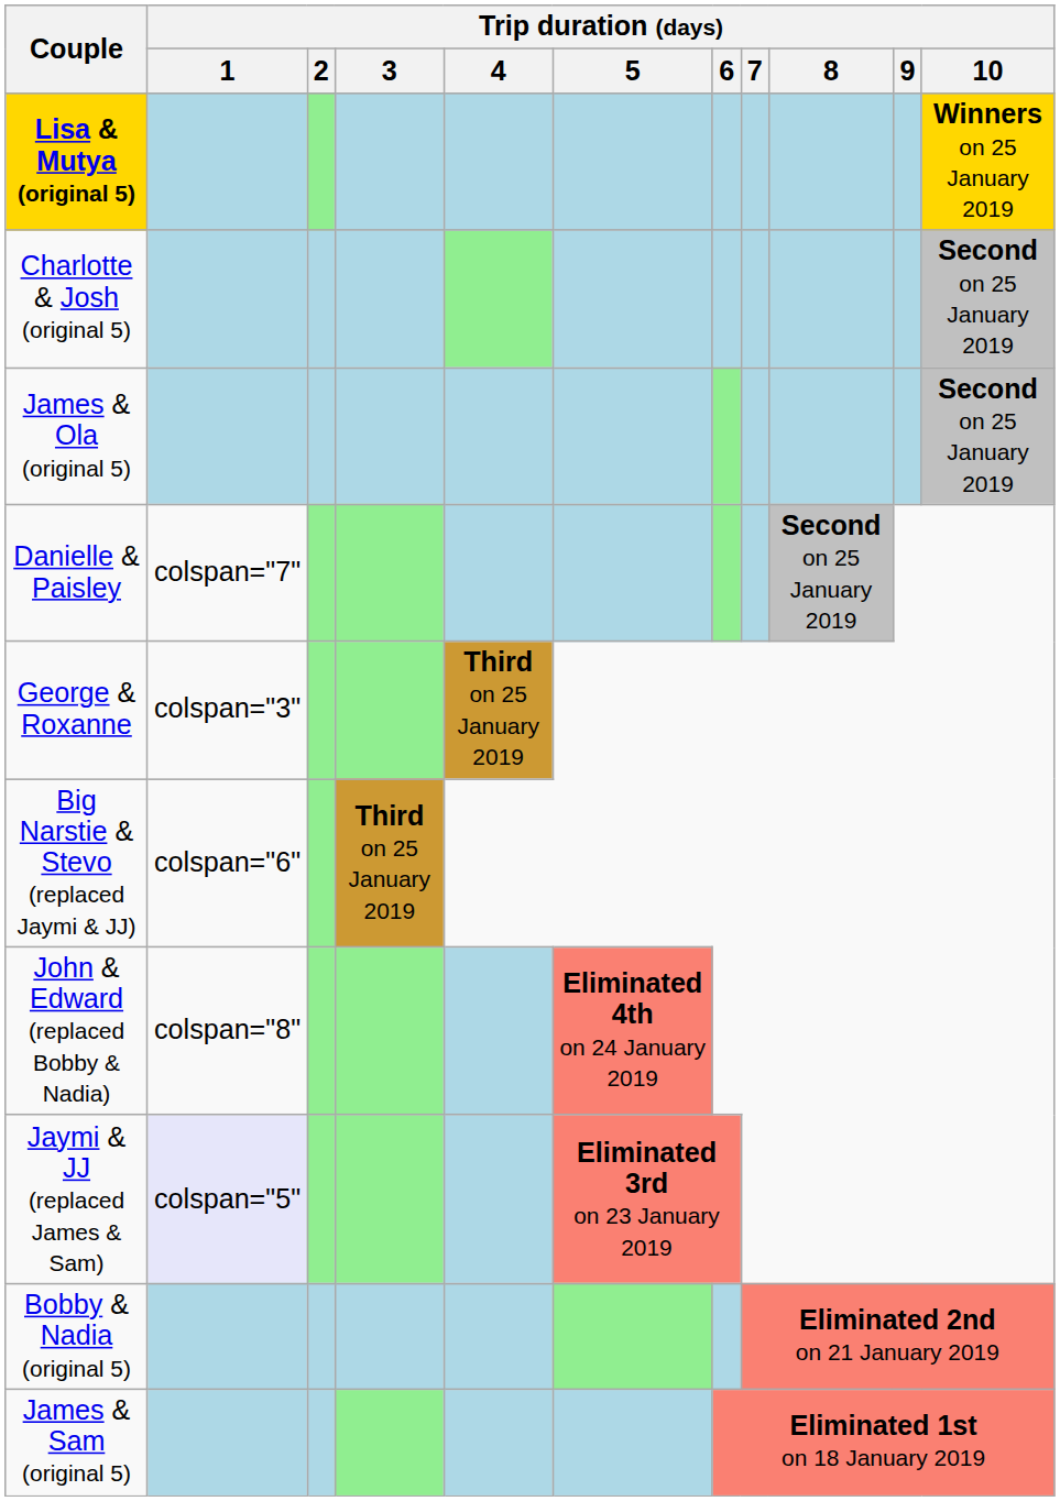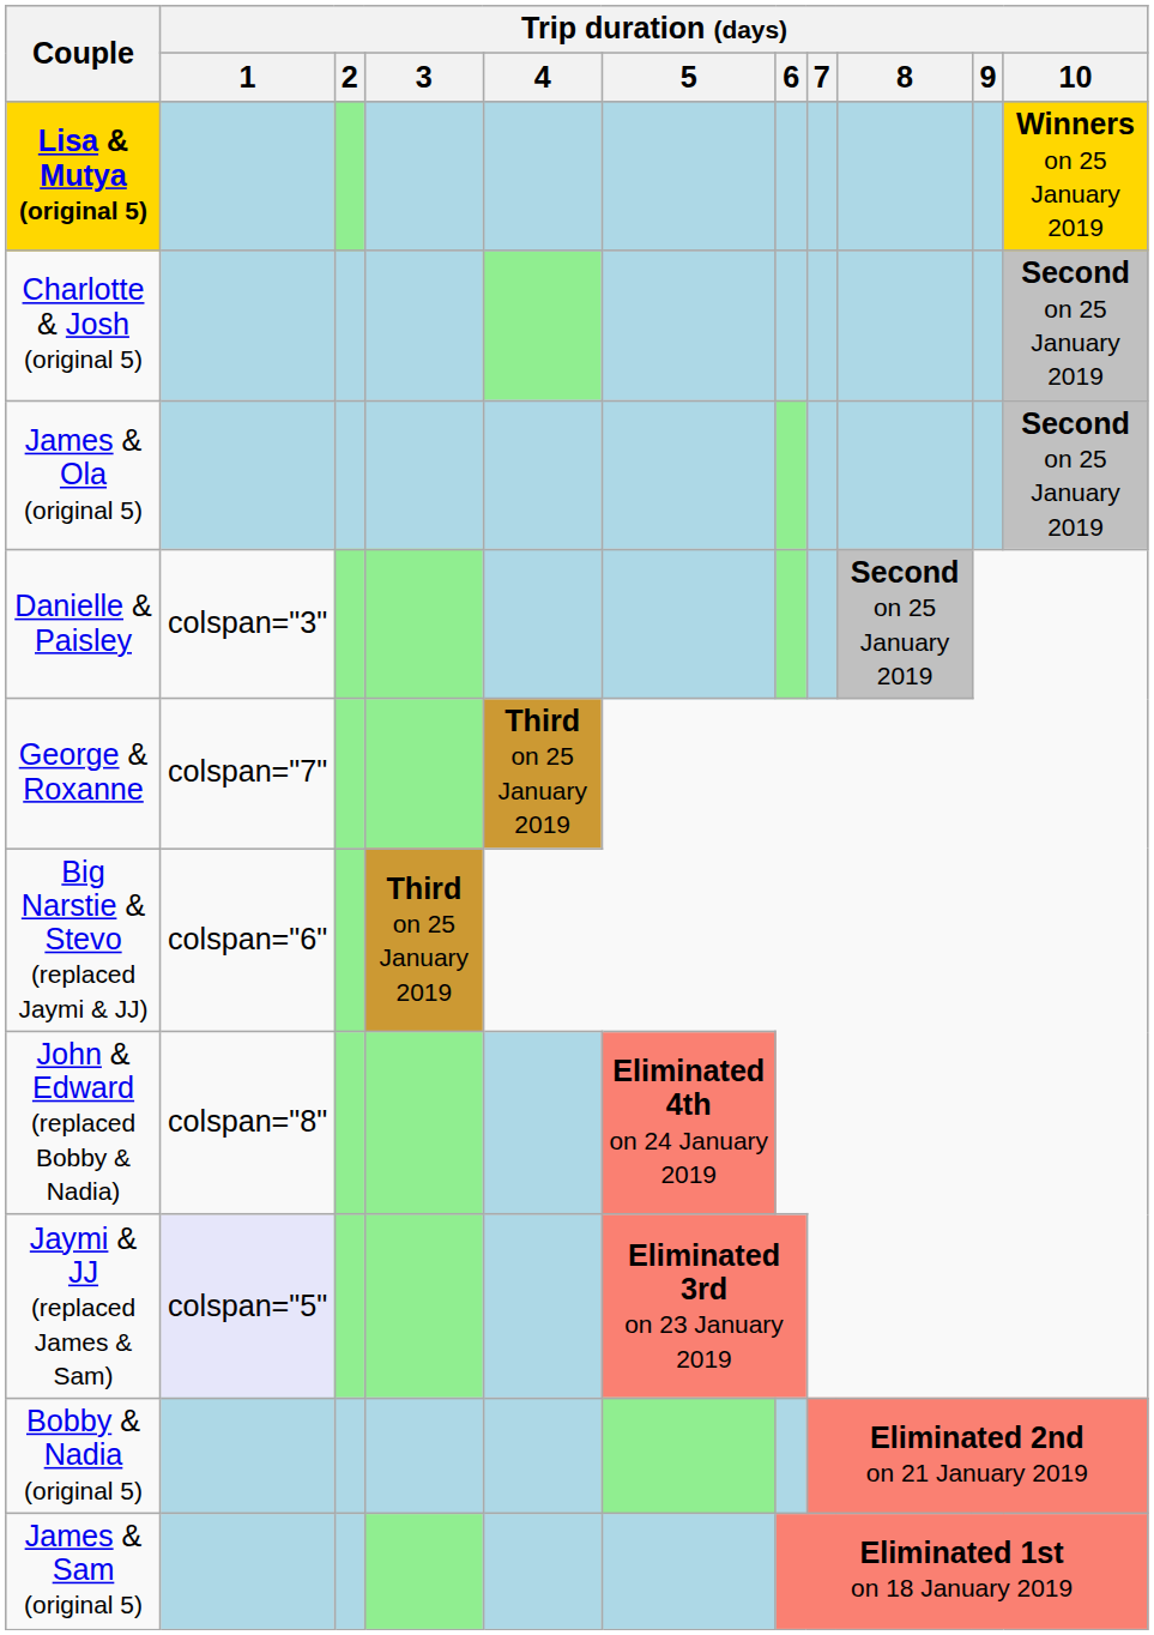 <table class="wikitable" style="text-align:center;">
 <tr>
 <th rowspan="2">Couple</th>
 <th colspan="10">Trip duration <small>(days)</small></th>
 </tr>
 <tr>
 <th>1</th>
 <th>2</th>
 <th>3</th>
 <th>4</th>
 <th>5</th>
 <th>6</th>
 <th>7</th>
 <th>8</th>
 <th>9</th>
 <th>10</th>
 </tr>
 <tr>
 <td style="background:gold;"><strong><a href='#'>Lisa</a> & <a href='#'>Mutya</a></strong><br><small><strong>(original 5)</strong></small></td>
 <td style="background:lightblue;"></td>
 <td style="background:lightgreen;"></td>
 <td style="background:lightblue;"></td>
 <td style="background:lightblue;"></td>
 <td style="background:lightblue;"></td>
 <td style="background:lightblue;"></td>
 <td style="background:lightblue;"></td>
 <td style="background:lightblue;"></td>
 <td style="background:lightblue;"></td>
 <td style="background:gold;"><strong>Winners</strong><br><small>on 25 January 2019</small></td>
 </tr>
 <tr>
 <td><a href='#'>Charlotte</a> & <a href='#'>Josh</a><br><small>(original 5)</small></td>
 <td style="background:lightblue;"></td>
 <td style="background:lightblue;"></td>
 <td style="background:lightblue;"></td>
 <td style="background:lightgreen;"></td>
 <td style="background:lightblue;"></td>
 <td style="background:lightblue;"></td>
 <td style="background:lightblue;"></td>
 <td style="background:lightblue;"></td>
 <td style="background:lightblue;"></td>
 <td style="background:silver;"><strong>Second</strong><br><small>on 25 January 2019</small></td>
 </tr>
 <tr>
 <td><a href='#'>James</a> & <a href='#'>Ola</a><br><small>(original 5)</small></td>
 <td style="background:lightblue;"></td>
 <td style="background:lightblue;"></td>
 <td style="background:lightblue;"></td>
 <td style="background:lightblue;"></td>
 <td style="background:lightblue;"></td>
 <td style="background:lightgreen;"></td>
 <td style="background:lightblue;"></td>
 <td style="background:lightblue;"></td>
 <td style="background:lightblue;"></td>
 <td style="background:silver;"><strong>Second</strong><br><small>on 25 January 2019</small></td>
 </tr>
 <tr>
 <td><a href='#'>Danielle</a> & <a href='#'>Paisley</a></td>
-<td>colspan="7" </td>
+<td>colspan="3" </td>
 <td style="background:lightgreen;"></td>
 <td style="background:lightgreen;"></td>
 <td style="background:lightblue;"></td>
 <td style="background:lightblue;"></td>
 <td style="background:lightgreen;"></td>
 <td style="background:lightblue;"></td>
 <td style="background:silver;"><strong>Second</strong><br><small>on 25 January 2019</small></td>
 </tr>
 <tr>
 <td><a href='#'>George</a> & <a href='#'>Roxanne</a></td>
-<td>colspan="3" </td>
+<td>colspan="7" </td>
 <td style="background:lightgreen;"></td>
 <td style="background:lightgreen;"></td>
 <td style="background:#cc9933;"><strong>Third</strong><br><small>on 25 January 2019</small></td>
 </tr>
 <tr>
 <td><a href='#'>Big Narstie</a> & <a href='#'>Stevo</a><br><small>(replaced Jaymi & JJ)</small></td>
 <td>colspan="6" </td>
 <td style="background:lightgreen;"></td>
 <td style="background:#cc9933;"><strong>Third</strong><br><small>on 25 January 2019</small></td>
 </tr>
 <tr>
 <td><a href='#'>John</a> & <a href='#'>Edward</a><br><small>(replaced Bobby & Nadia)</small></td>
 <td>colspan="8" </td>
 <td style="background:lightgreen;"></td>
 <td style="background:lightgreen;"></td>
 <td style="background:lightblue;"></td>
 <td colspan="1" style="background:salmon;"><strong>Eliminated 4th</strong><br><small>on 24 January 2019</small></td>
 </tr>
 <tr>
 <td><a href='#'>Jaymi</a> & <a href='#'>JJ</a><br><small>(replaced James & Sam)</small></td>
 <td style="background: lavender;">colspan="5" </td>
 <td style="background:lightgreen;"></td>
 <td style="background:lightgreen;"></td>
 <td style="background:lightblue;"></td>
 <td colspan="2" style="background:salmon;"><strong>Eliminated 3rd</strong><br><small>on 23 January 2019</small></td>
 </tr>
 <tr>
 <td><a href='#'>Bobby</a> & <a href='#'>Nadia</a><br><small>(original 5)</small></td>
 <td style="background:lightblue;"></td>
 <td style="background:lightblue;"></td>
 <td style="background:lightblue;"></td>
 <td style="background:lightblue;"></td>
 <td style="background:lightgreen;"></td>
 <td style="background:lightblue;"></td>
 <td colspan="4" style="background:salmon;"><strong>Eliminated 2nd</strong><br><small>on 21 January 2019</small></td>
 </tr>
 <tr>
 <td><a href='#'>James</a> & <a href='#'>Sam</a><br><small>(original 5)</small></td>
 <td style="background:lightblue;"></td>
 <td style="background:lightblue;"></td>
 <td style="background:lightgreen;"></td>
 <td style="background:lightblue;"></td>
 <td style="background:lightblue;"></td>
 <td colspan="5" style="background:salmon;"><strong>Eliminated 1st</strong><br><small>on 18 January 2019</small></td>
 </tr>
 </table>
